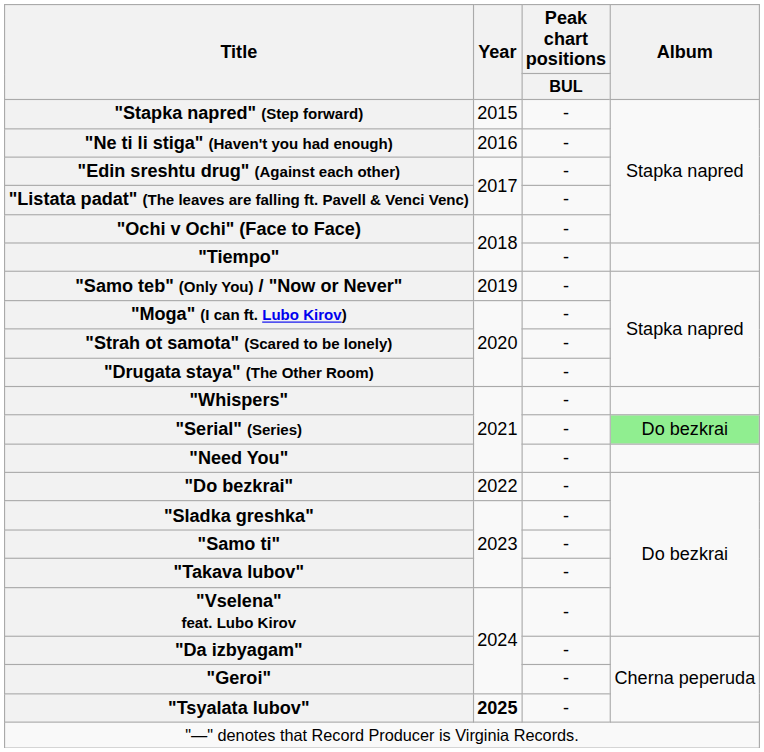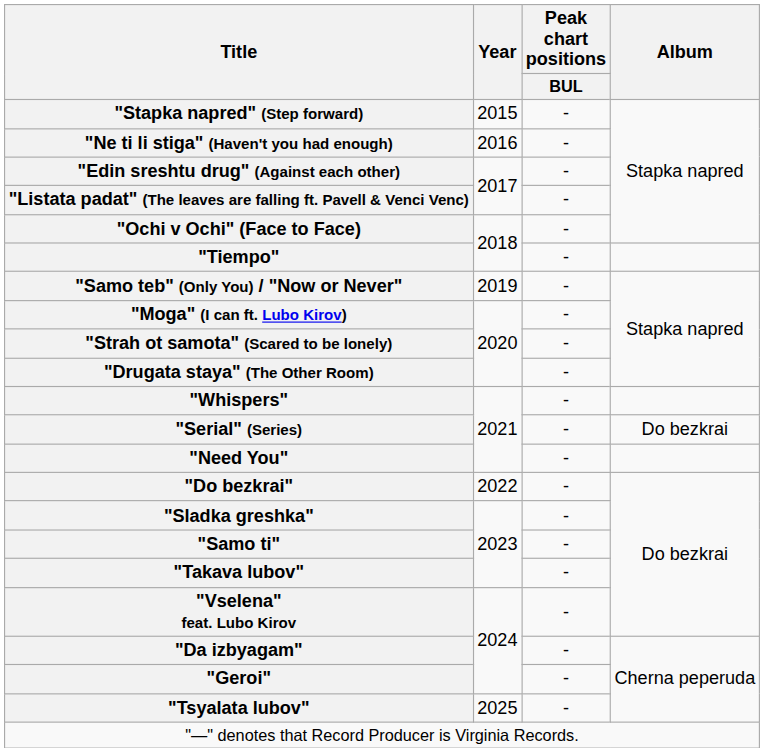 <table class="wikitable plainrowheaders" style="text-align:center;">
 <tr>
 <th scope="col" rowspan="2">Title</th>
 <th scope="col" rowspan="2">Year</th>
 <th scope="col" colspan="1">Peak chart positions</th>
 <th scope="col" rowspan="2">Album</th>
 </tr>
 <tr>
 <th scope="col" style="width:2.2em;font-size:90%;">BUL <br></th>
 </tr>
 <tr>
 <th scope="row">"Stapka napred" <small>(Step forward)</small></th>
 <td>2015</td>
 <td>-</td>
 <td rowspan="5">Stapka napred</td>
 </tr>
 <tr>
 <th scope="row">"Ne ti li stiga" <small>(Haven't you had enough)</small></th>
 <td>2016</td>
 <td>-</td>
 </tr>
 <tr>
 <th scope="row">"Edin sreshtu drug" <small>(Against each other)</small></th>
 <td rowspan="2">2017</td>
 <td>-</td>
 </tr>
 <tr>
 <th scope="row">"Listata padat" <small>(The leaves are falling ft. Pavell & Venci Venc)</small></th>
 <td>-</td>
 </tr>
 <tr>
 <th scope="row">"Ochi v Ochi" (Face to Face)</th>
 <td rowspan="2">2018</td>
 <td>-</td>
 </tr>
 <tr>
 <th scope="row">"Tiempo"</th>
 <td>-</td>
 <td></td>
 </tr>
 <tr>
 <th scope="row">"Samo teb" <small>(Only You)</small> / "Now or Never"</th>
 <td>2019</td>
 <td>-</td>
 <td rowspan="4">Stapka napred</td>
 </tr>
 <tr>
 <th scope="row">"Moga" <small>(I can ft. <a href='#'>Lubo Kirov</a>)</small></th>
 <td rowspan="3">2020</td>
 <td>-</td>
 </tr>
 <tr>
 <th scope="row">"Strah ot samota" <small>(Scared to be lonely)</small></th>
 <td>-</td>
 </tr>
 <tr>
 <th scope="row">"Drugata staya" <small>(The Other Room)</small></th>
 <td>-</td>
 </tr>
 <tr>
 <th scope="row">"Whispers"</th>
 <td rowspan="3">2021</td>
 <td>-</td>
 <td></td>
 </tr>
 <tr>
 <th scope="row">"Serial" <small>(Series)</small></th>
 <td>-</td>
-<td style="background: lightgreen;">Do bezkrai</td>
+<td>Do bezkrai</td>
 </tr>
 <tr>
 <th scope="row">"Need You"</th>
 <td>-</td>
 <td></td>
 </tr>
 <tr>
 <th scope="row">"Do bezkrai"</th>
 <td>2022</td>
 <td>-</td>
 <td rowspan="5">Do bezkrai</td>
 </tr>
 <tr>
 <th scope="row">"Sladka greshka"</th>
 <td rowspan="3">2023</td>
 <td>-</td>
 </tr>
 <tr>
 <th scope="row">"Samo ti"</th>
 <td>-</td>
 </tr>
 <tr>
 <th scope="row">"Takava lubov"</th>
 <td>-</td>
 </tr>
 <tr>
 <th scope="row">"Vselena" <br> <small> feat. Lubo Kirov </small></th>
 <td rowspan="3">2024</td>
 <td>-</td>
 </tr>
 <tr>
 <th scope="row">"Da izbyagam"</th>
 <td>-</td>
 <td rowspan="3">Cherna peperuda</td>
 </tr>
 <tr>
 <th scope="row">"Geroi"</th>
 <td>-</td>
 </tr>
 <tr>
 <th scope="row">"Tsyalata lubov"</th>
-<td><strong>2025</strong></td>
+<td>2025</td>
 <td>-</td>
 </tr>
 <tr>
 <td colspan="15" style="font-size:90%">"—" denotes that Record Producer is Virginia Records.</td>
 </tr>
 </table>
